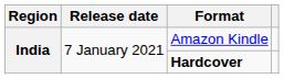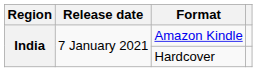 <table class="wikitable sortable plainrowheaders">
 <tr>
 <th scope="col">Region</th>
 <th scope="col">Release date</th>
 <th scope="col">Format</th>
 <th scope="col"></th>
 </tr>
 <tr>
 <th scope="row" rowspan="2">India</th>
 <td rowspan="2">7 January 2021</td>
 <td><a href='#'>Amazon Kindle</a></td>
 <td style="text-align: center;"></td>
 </tr>
 <tr>
-<td><strong>Hardcover</strong></td>
+<td>Hardcover</td>
 <td style="text-align: center;"></td>
 </tr>
 </table>
